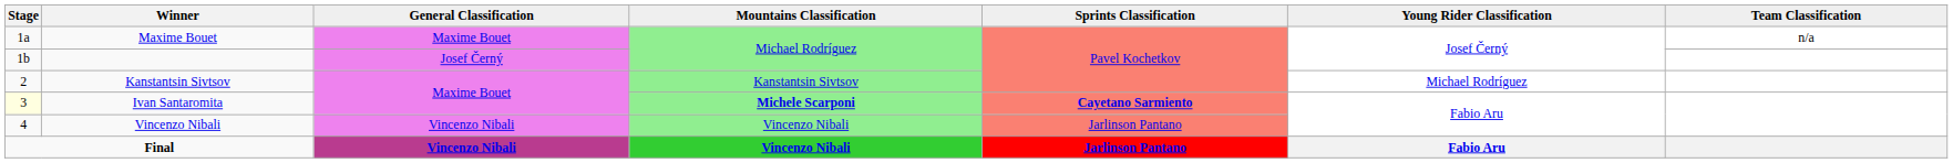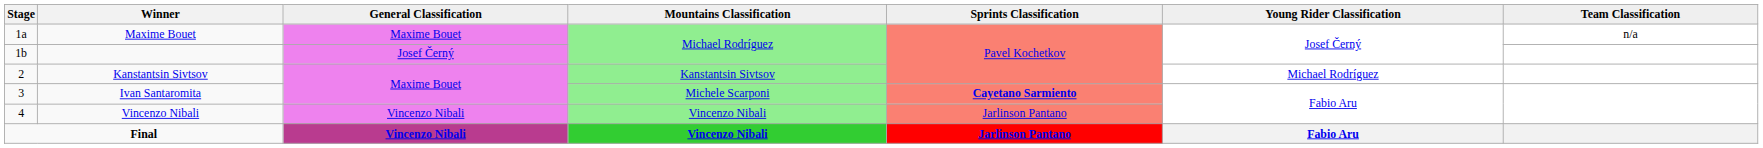 <table class="wikitable" style="text-align: center; font-size:smaller;">
 <tr>
 <th width="1%">Stage</th>
 <th width="14%">Winner</th>
 <th style="background:#EFEFEF;" width:"15%;">General Classification<br></th>
 <th style="background:#EFEFEF;" width:"15%;">Mountains Classification<br></th>
 <th style="background:#EFEFEF;" width:"15%;">Sprints Classification<br></th>
 <th style="background:#EFEFEF;" width:"15%;">Young Rider Classification<br></th>
 <th style="background:#EFEFEF;" width:"15%;">Team Classification</th>
 </tr>
 <tr>
 <td>1a</td>
 <td><a href='#'>Maxime Bouet</a></td>
 <td style="background-color:violet;"><a href='#'>Maxime Bouet</a></td>
 <td style="background-color:lightgreen;" rowspan=2><a href='#'>Michael Rodríguez</a></td>
 <td style="background-color:salmon;" rowspan=3><a href='#'>Pavel Kochetkov</a></td>
 <td style="background-color:white;" rowspan=2><a href='#'>Josef Černý</a></td>
 <td style="background-color:white;">n/a</td>
 </tr>
 <tr>
 <td>1b</td>
 <td></td>
 <td style="background-color:violet;"><a href='#'>Josef Černý</a></td>
 <td style="background-color:white;"></td>
 </tr>
 <tr>
 <td>2</td>
 <td><a href='#'>Kanstantsin Sivtsov</a></td>
 <td style="background-color:violet;" rowspan=2><a href='#'>Maxime Bouet</a></td>
 <td style="background-color:lightgreen;"><a href='#'>Kanstantsin Sivtsov</a></td>
 <td style="background-color:white;"><a href='#'>Michael Rodríguez</a></td>
 <td style="background-color:white;"></td>
 </tr>
 <tr>
-<td style="background: lightyellow;">3</td>
+<td>3</td>
 <td><a href='#'>Ivan Santaromita</a></td>
-<td style="background-color:lightgreen;"><strong><a href='#'>Michele Scarponi</a></strong></td>
+<td style="background-color:lightgreen;"><a href='#'>Michele Scarponi</a></td>
 <td style="background-color:salmon;"><strong><a href='#'>Cayetano Sarmiento</a></strong></td>
 <td style="background-color:white;" rowspan=2><a href='#'>Fabio Aru</a></td>
 <td style="background-color:white;" rowspan=2></td>
 </tr>
 <tr>
 <td>4</td>
 <td><a href='#'>Vincenzo Nibali</a></td>
 <td style="background-color:violet;"><a href='#'>Vincenzo Nibali</a></td>
 <td style="background-color:lightgreen;"><a href='#'>Vincenzo Nibali</a></td>
 <td style="background-color:salmon;"><a href='#'>Jarlinson Pantano</a></td>
 </tr>
 <tr>
 <td colspan="2"><strong>Final</strong></td>
 <th style="background-color:#B93B8F;"><a href='#'>Vincenzo Nibali</a></th>
 <th style="background-color:limegreen;"><a href='#'>Vincenzo Nibali</a></th>
 <th style="background-color:red;"><a href='#'>Jarlinson Pantano</a></th>
 <th style="background-color:offwhite;"><a href='#'>Fabio Aru</a></th>
 <th style="background-color:offwhite;"></th>
 </tr>
 </table>
